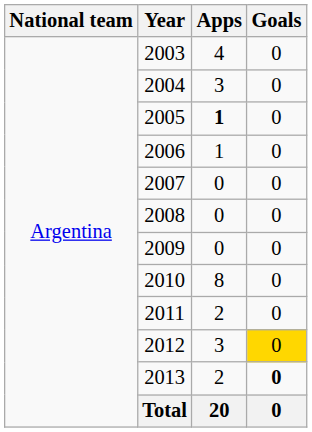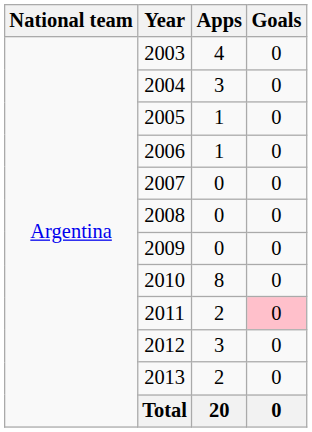 <table class="wikitable" style="text-align:center">
 <tr>
 <th>National team</th>
 <th>Year</th>
 <th>Apps</th>
 <th>Goals</th>
 </tr>
 <tr>
 <td rowspan="12"><a href='#'>Argentina</a></td>
 <td>2003</td>
 <td>4</td>
 <td>0</td>
 </tr>
 <tr>
 <td>2004</td>
 <td>3</td>
 <td>0</td>
 </tr>
 <tr>
 <td>2005</td>
-<td><strong>1</strong></td>
+<td>1</td>
 <td>0</td>
 </tr>
 <tr>
 <td>2006</td>
 <td>1</td>
 <td>0</td>
 </tr>
 <tr>
 <td>2007</td>
 <td>0</td>
 <td>0</td>
 </tr>
 <tr>
 <td>2008</td>
 <td>0</td>
 <td>0</td>
 </tr>
 <tr>
 <td>2009</td>
 <td>0</td>
 <td>0</td>
 </tr>
 <tr>
 <td>2010</td>
 <td>8</td>
 <td>0</td>
 </tr>
 <tr>
 <td>2011</td>
 <td>2</td>
-<td>0</td>
+<td style="background: pink;">0</td>
 </tr>
 <tr>
 <td>2012</td>
 <td>3</td>
-<td style="background: gold;">0</td>
+<td>0</td>
 </tr>
 <tr>
 <td>2013</td>
 <td>2</td>
-<td><strong>0</strong></td>
+<td>0</td>
 </tr>
 <tr>
 <th>Total</th>
 <th>20</th>
 <th>0</th>
 </tr>
 </table>
